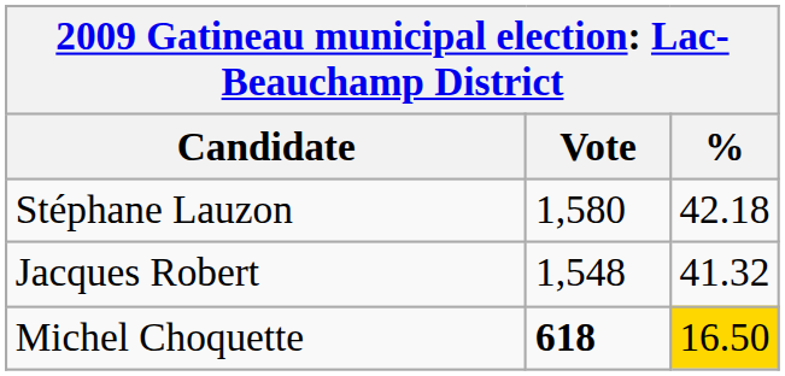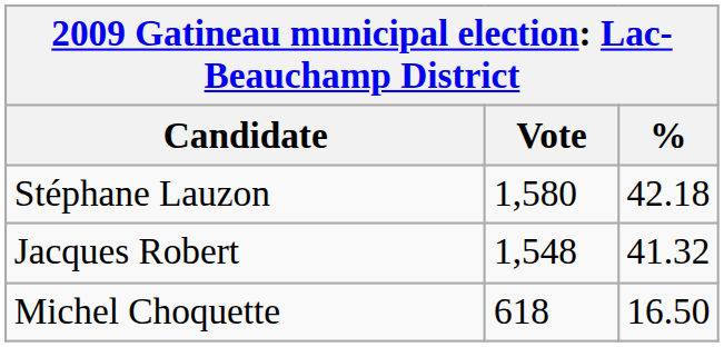 <table class="wikitable">
 <tr>
 <th colspan="4"><a href='#'>2009 Gatineau municipal election</a>: <a href='#'>Lac-Beauchamp District</a></th>
 </tr>
 <tr>
 <th bgcolor="#DDDDFF" width="200px">Candidate</th>
 <th bgcolor="#DDDDFF" width="50px">Vote</th>
 <th bgcolor="#DDDDFF" width="30px">%</th>
 </tr>
 <tr>
 <td>Stéphane Lauzon</td>
 <td>1,580</td>
 <td>42.18</td>
 </tr>
 <tr>
 <td>Jacques Robert</td>
 <td>1,548</td>
 <td>41.32</td>
 </tr>
 <tr>
 <td>Michel Choquette</td>
-<td><strong>618</strong></td>
-<td style="background: gold;">16.50</td>
+<td>618</td>
+<td>16.50</td>
 </tr>
 </table>
